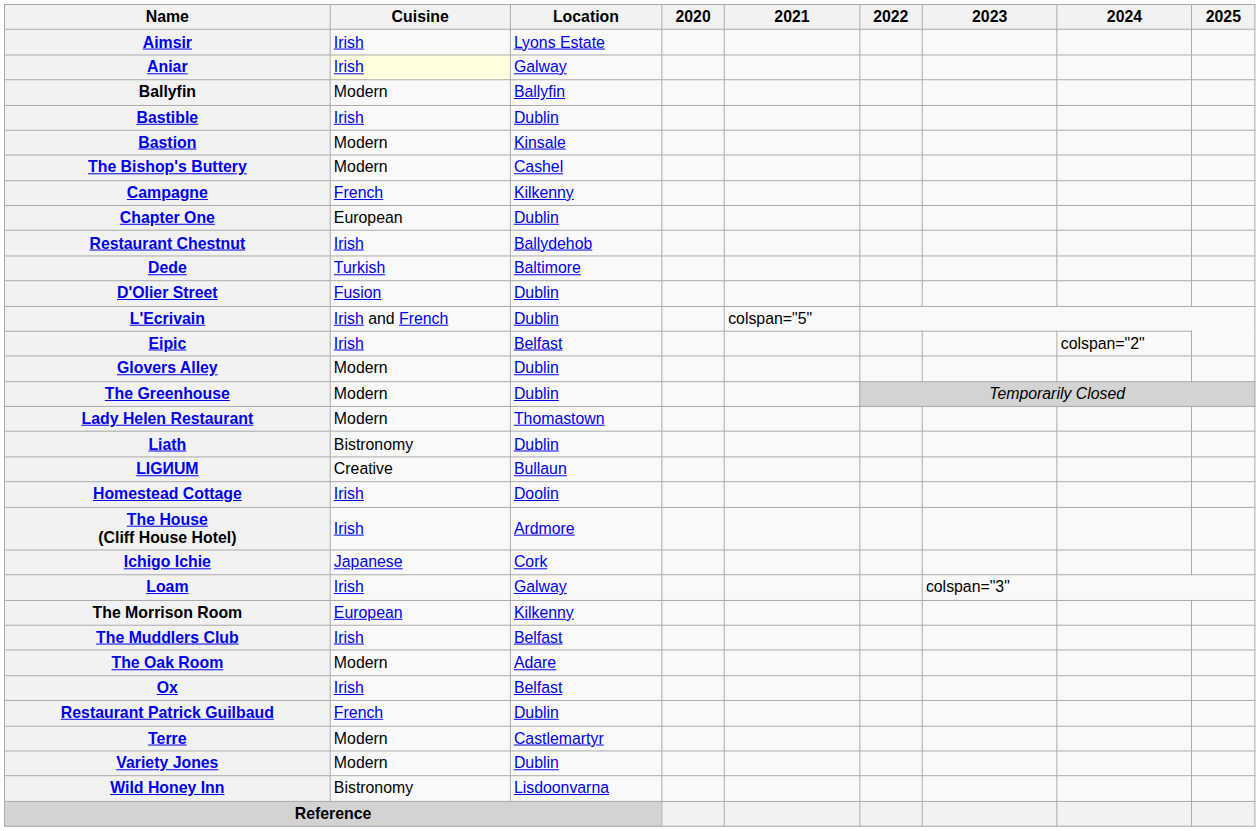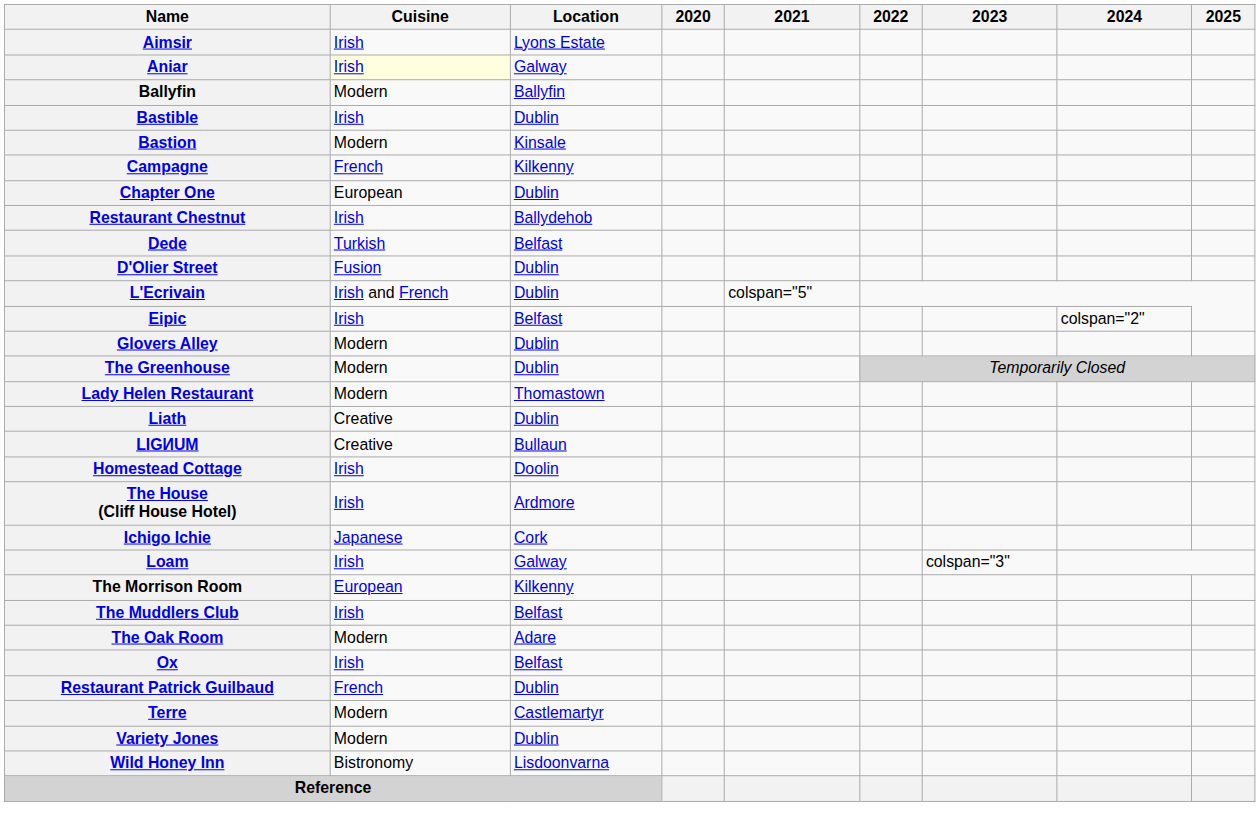 <table class="wikitable sortable plainrowheaders" style="width:100%;">
 <tr>
 <th scope="col">Name</th>
 <th scope="col">Cuisine</th>
 <th scope="col">Location</th>
 <th scope="col">2020</th>
 <th scope="col">2021</th>
 <th scope="col">2022</th>
 <th scope="col">2023</th>
 <th scope="col">2024</th>
 <th scope="col">2025</th>
 </tr>
 <tr>
 <th scope="row"><a href='#'>Aimsir</a></th>
 <td><a href='#'>Irish</a></td>
 <td><a href='#'>Lyons Estate</a></td>
 <td></td>
 <td></td>
 <td></td>
 <td></td>
 <td></td>
 <td></td>
 </tr>
 <tr>
 <th scope="row"><a href='#'>Aniar</a></th>
 <td style="background: lightyellow;"><a href='#'>Irish</a></td>
 <td><a href='#'>Galway</a></td>
 <td></td>
 <td></td>
 <td></td>
 <td></td>
 <td></td>
 <td></td>
 </tr>
 <tr>
 <th scope="row">Ballyfin</th>
 <td>Modern</td>
 <td><a href='#'>Ballyfin</a></td>
 <td></td>
 <td></td>
 <td></td>
 <td></td>
 <td></td>
 <td></td>
 </tr>
 <tr>
 <th scope="row"><a href='#'>Bastible</a></th>
 <td><a href='#'>Irish</a></td>
 <td><a href='#'>Dublin</a></td>
 <td></td>
 <td></td>
 <td></td>
 <td></td>
 <td></td>
 <td></td>
 </tr>
 <tr>
 <th scope="row"><a href='#'>Bastion</a></th>
 <td>Modern</td>
 <td><a href='#'>Kinsale</a></td>
 <td></td>
 <td></td>
 <td></td>
 <td></td>
 <td></td>
 <td></td>
 </tr>
 <tr>
-<th scope="row"><a href='#'>The Bishop's Buttery</a></th>
-<td>Modern</td>
-<td><a href='#'>Cashel</a></td>
-<td></td>
-<td></td>
-<td></td>
-<td></td>
-<td></td>
-<td></td>
-</tr>
-<tr>
 <th scope="row"><a href='#'>Campagne</a></th>
 <td><a href='#'>French</a></td>
 <td><a href='#'>Kilkenny</a></td>
 <td></td>
 <td></td>
 <td></td>
 <td></td>
 <td></td>
 <td></td>
 </tr>
 <tr>
 <th scope="row"><a href='#'>Chapter One</a></th>
 <td>European</td>
 <td><a href='#'>Dublin</a></td>
 <td></td>
 <td></td>
 <td></td>
 <td></td>
 <td></td>
 <td></td>
 </tr>
 <tr>
 <th scope="row"><a href='#'>Restaurant Chestnut</a></th>
 <td><a href='#'>Irish</a></td>
 <td><a href='#'>Ballydehob</a></td>
 <td></td>
 <td></td>
 <td></td>
 <td></td>
 <td></td>
 <td></td>
 </tr>
 <tr>
 <th scope="row"><a href='#'>Dede</a></th>
 <td><a href='#'>Turkish</a></td>
-<td><a href='#'>Baltimore</a></td>
+<td><a href='#'>Belfast</a></td>
 <td></td>
 <td></td>
 <td></td>
 <td></td>
 <td></td>
 <td></td>
 </tr>
 <tr>
 <th scope="row"><a href='#'>D'Olier Street</a></th>
 <td><a href='#'>Fusion</a></td>
 <td><a href='#'>Dublin</a></td>
 <td></td>
 <td></td>
 <td></td>
 <td></td>
 <td></td>
 <td></td>
 </tr>
 <tr>
 <th scope="row"><a href='#'>L'Ecrivain</a></th>
 <td><a href='#'>Irish</a> and <a href='#'>French</a></td>
 <td><a href='#'>Dublin</a></td>
 <td></td>
 <td>colspan="5" </td>
 </tr>
 <tr>
 <th scope="row"><a href='#'>Eipic</a></th>
 <td><a href='#'>Irish</a></td>
 <td><a href='#'>Belfast</a></td>
 <td></td>
 <td></td>
 <td></td>
 <td></td>
 <td>colspan="2" </td>
 </tr>
 <tr>
 <th scope="row"><a href='#'>Glovers Alley</a></th>
 <td>Modern</td>
 <td><a href='#'>Dublin</a></td>
 <td></td>
 <td></td>
 <td></td>
 <td></td>
 <td></td>
 <td></td>
 </tr>
 <tr>
 <th scope="row"><a href='#'>The Greenhouse</a></th>
 <td>Modern</td>
 <td><a href='#'>Dublin</a></td>
 <td></td>
 <td></td>
 <td colspan="4" style="text-align: center; background: lightgray;"><em>Temporarily Closed</em></td>
 </tr>
 <tr>
 <th scope="row"><a href='#'>Lady Helen Restaurant</a></th>
 <td>Modern</td>
 <td><a href='#'>Thomastown</a></td>
 <td></td>
 <td></td>
 <td></td>
 <td></td>
 <td></td>
 <td></td>
 </tr>
 <tr>
 <th scope="row"><a href='#'>Liath</a> </th>
-<td>Bistronomy</td>
+<td>Creative</td>
 <td><a href='#'>Dublin</a></td>
 <td></td>
 <td></td>
 <td></td>
 <td></td>
 <td></td>
 <td></td>
 </tr>
 <tr>
 <th scope="row"><a href='#'>LIGИUM</a></th>
 <td>Creative</td>
 <td><a href='#'>Bullaun</a></td>
 <td></td>
 <td></td>
 <td></td>
 <td></td>
 <td></td>
 <td></td>
 </tr>
 <tr>
 <th scope="row"><a href='#'>Homestead Cottage</a></th>
 <td><a href='#'>Irish</a></td>
 <td><a href='#'>Doolin</a></td>
 <td></td>
 <td></td>
 <td></td>
 <td></td>
 <td></td>
 <td></td>
 </tr>
 <tr>
 <th scope="row"><a href='#'>The House</a><br>(Cliff House Hotel)</th>
 <td><a href='#'>Irish</a></td>
 <td><a href='#'>Ardmore</a></td>
 <td></td>
 <td></td>
 <td></td>
 <td></td>
 <td></td>
 <td></td>
 </tr>
 <tr>
 <th scope="row"><a href='#'>Ichigo Ichie</a></th>
 <td><a href='#'>Japanese</a></td>
 <td><a href='#'>Cork</a></td>
 <td></td>
 <td></td>
 <td></td>
 <td></td>
 <td></td>
 <td></td>
 </tr>
 <tr>
 <th scope="row"><a href='#'>Loam</a></th>
 <td><a href='#'>Irish</a></td>
 <td><a href='#'>Galway</a></td>
 <td></td>
 <td></td>
 <td></td>
 <td>colspan="3" </td>
 </tr>
 <tr>
 <th scope="row">The Morrison Room</th>
 <td><a href='#'>European</a></td>
 <td><a href='#'>Kilkenny</a></td>
 <td></td>
 <td></td>
 <td></td>
 <td></td>
 <td></td>
 <td></td>
 </tr>
 <tr>
 <th scope="row"><a href='#'>The Muddlers Club</a></th>
 <td><a href='#'>Irish</a></td>
 <td><a href='#'>Belfast</a></td>
 <td></td>
 <td></td>
 <td></td>
 <td></td>
 <td></td>
 <td></td>
 </tr>
 <tr>
 <th scope="row"><a href='#'>The Oak Room</a></th>
 <td>Modern</td>
 <td><a href='#'>Adare</a></td>
 <td></td>
 <td></td>
 <td></td>
 <td></td>
 <td></td>
 <td></td>
 </tr>
 <tr>
 <th scope="row"><a href='#'>Ox</a></th>
 <td><a href='#'>Irish</a></td>
 <td><a href='#'>Belfast</a></td>
 <td></td>
 <td></td>
 <td></td>
 <td></td>
 <td></td>
 <td></td>
 </tr>
 <tr>
 <th scope="row"><a href='#'>Restaurant Patrick Guilbaud</a></th>
 <td><a href='#'>French</a></td>
 <td><a href='#'>Dublin</a></td>
 <td></td>
 <td></td>
 <td></td>
 <td></td>
 <td></td>
 <td></td>
 </tr>
 <tr>
 <th scope="row"><a href='#'>Terre</a></th>
 <td>Modern</td>
 <td><a href='#'>Castlemartyr</a></td>
 <td></td>
 <td></td>
 <td></td>
 <td></td>
 <td></td>
 <td></td>
 </tr>
 <tr>
 <th scope="row"><a href='#'>Variety Jones</a></th>
 <td>Modern</td>
 <td><a href='#'>Dublin</a></td>
 <td></td>
 <td></td>
 <td></td>
 <td></td>
 <td></td>
 <td></td>
 </tr>
 <tr>
 <th scope="row"><a href='#'>Wild Honey Inn</a></th>
 <td>Bistronomy</td>
 <td><a href='#'>Lisdoonvarna</a></td>
 <td></td>
 <td></td>
 <td></td>
 <td></td>
 <td></td>
 <td></td>
 </tr>
 <tr>
 <th colspan="3" style="text-align: center;background: lightgray;">Reference</th>
 <th></th>
 <th></th>
 <th></th>
 <th></th>
 <th></th>
 <th></th>
 </tr>
 </table>
